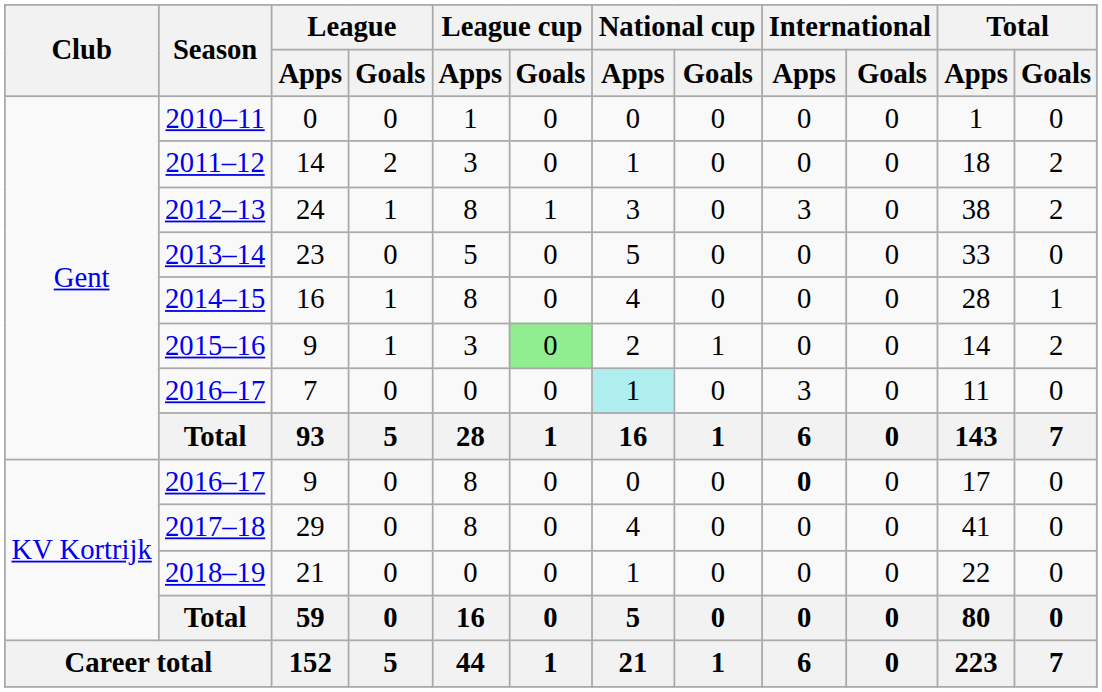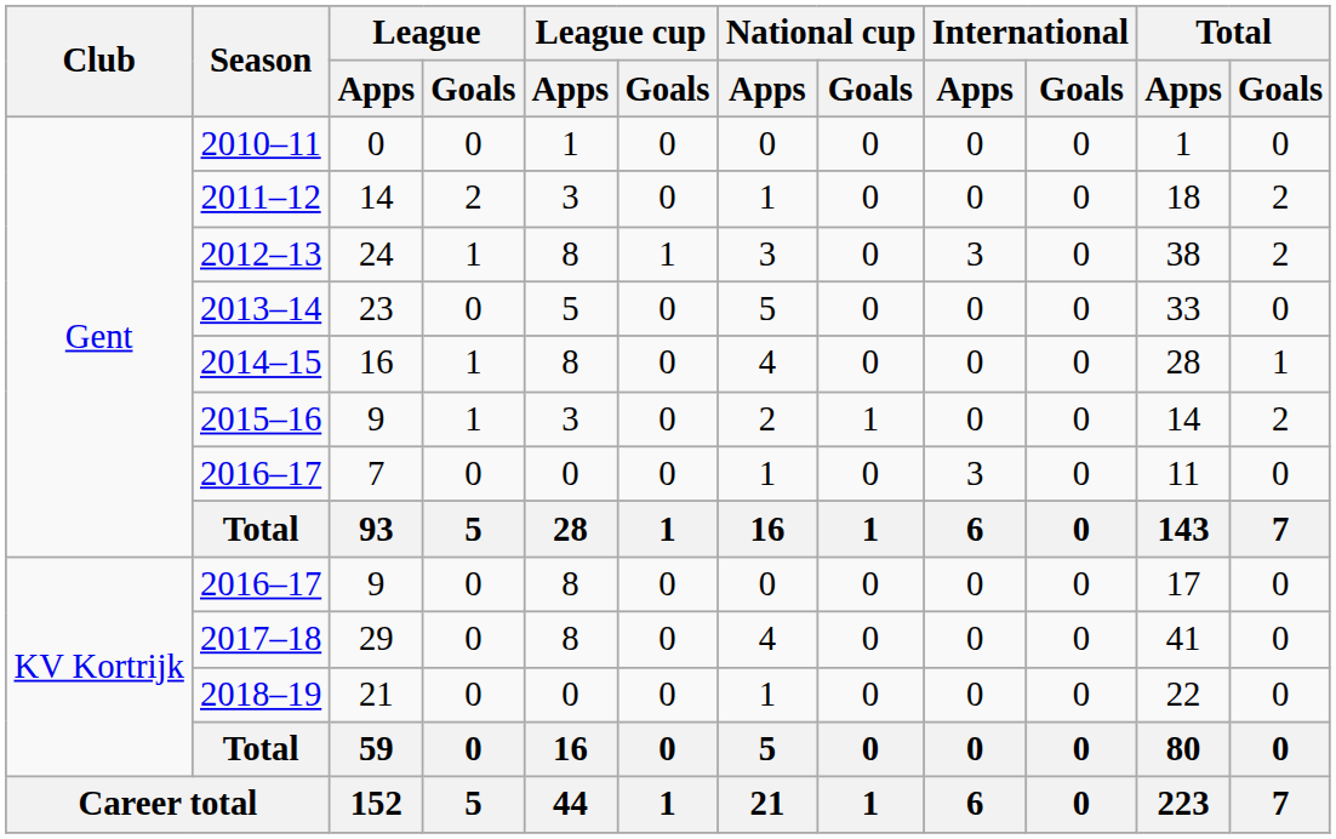 <table class="wikitable" style="text-align:center">
 <tr>
 <th rowspan="2">Club</th>
 <th rowspan="2">Season</th>
 <th colspan="2">League</th>
 <th colspan="2">League cup</th>
 <th colspan="2">National cup</th>
 <th colspan="2">International</th>
 <th colspan="2">Total</th>
 </tr>
 <tr>
 <th>Apps</th>
 <th>Goals</th>
 <th>Apps</th>
 <th>Goals</th>
 <th>Apps</th>
 <th>Goals</th>
 <th>Apps</th>
 <th>Goals</th>
 <th>Apps</th>
 <th>Goals</th>
 </tr>
 <tr>
 <td rowspan="8"><a href='#'>Gent</a></td>
 <td><a href='#'>2010–11</a></td>
 <td>0</td>
 <td>0</td>
 <td>1</td>
 <td>0</td>
 <td>0</td>
 <td>0</td>
 <td>0</td>
 <td>0</td>
 <td>1</td>
 <td>0</td>
 </tr>
 <tr>
 <td><a href='#'>2011–12</a></td>
 <td>14</td>
 <td>2</td>
 <td>3</td>
 <td>0</td>
 <td>1</td>
 <td>0</td>
 <td>0</td>
 <td>0</td>
 <td>18</td>
 <td>2</td>
 </tr>
 <tr>
 <td><a href='#'>2012–13</a></td>
 <td>24</td>
 <td>1</td>
 <td>8</td>
 <td>1</td>
 <td>3</td>
 <td>0</td>
 <td>3</td>
 <td>0</td>
 <td>38</td>
 <td>2</td>
 </tr>
 <tr>
 <td><a href='#'>2013–14</a></td>
 <td>23</td>
 <td>0</td>
 <td>5</td>
 <td>0</td>
 <td>5</td>
 <td>0</td>
 <td>0</td>
 <td>0</td>
 <td>33</td>
 <td>0</td>
 </tr>
 <tr>
 <td><a href='#'>2014–15</a></td>
 <td>16</td>
 <td>1</td>
 <td>8</td>
 <td>0</td>
 <td>4</td>
 <td>0</td>
 <td>0</td>
 <td>0</td>
 <td>28</td>
 <td>1</td>
 </tr>
 <tr>
 <td><a href='#'>2015–16</a></td>
 <td>9</td>
 <td>1</td>
 <td>3</td>
-<td style="background: lightgreen;">0</td>
+<td>0</td>
 <td>2</td>
 <td>1</td>
 <td>0</td>
 <td>0</td>
 <td>14</td>
 <td>2</td>
 </tr>
 <tr>
 <td><a href='#'>2016–17</a></td>
 <td>7</td>
 <td>0</td>
 <td>0</td>
 <td>0</td>
-<td style="background: paleturquoise;">1</td>
+<td>1</td>
 <td>0</td>
 <td>3</td>
 <td>0</td>
 <td>11</td>
 <td>0</td>
 </tr>
 <tr>
 <th>Total</th>
 <th>93</th>
 <th>5</th>
 <th>28</th>
 <th>1</th>
 <th>16</th>
 <th>1</th>
 <th>6</th>
 <th>0</th>
 <th>143</th>
 <th>7</th>
 </tr>
 <tr>
 <td rowspan="4"><a href='#'>KV Kortrijk</a></td>
 <td><a href='#'>2016–17</a></td>
 <td>9</td>
 <td>0</td>
 <td>8</td>
 <td>0</td>
 <td>0</td>
 <td>0</td>
-<td><strong>0</strong></td>
+<td>0</td>
 <td>0</td>
 <td>17</td>
 <td>0</td>
 </tr>
 <tr>
 <td><a href='#'>2017–18</a></td>
 <td>29</td>
 <td>0</td>
 <td>8</td>
 <td>0</td>
 <td>4</td>
 <td>0</td>
 <td>0</td>
 <td>0</td>
 <td>41</td>
 <td>0</td>
 </tr>
 <tr>
 <td><a href='#'>2018–19</a></td>
 <td>21</td>
 <td>0</td>
 <td>0</td>
 <td>0</td>
 <td>1</td>
 <td>0</td>
 <td>0</td>
 <td>0</td>
 <td>22</td>
 <td>0</td>
 </tr>
 <tr>
 <th>Total</th>
 <th>59</th>
 <th>0</th>
 <th>16</th>
 <th>0</th>
 <th>5</th>
 <th>0</th>
 <th>0</th>
 <th>0</th>
 <th>80</th>
 <th>0</th>
 </tr>
 <tr>
 <th colspan="2">Career total</th>
 <th>152</th>
 <th>5</th>
 <th>44</th>
 <th>1</th>
 <th>21</th>
 <th>1</th>
 <th>6</th>
 <th>0</th>
 <th>223</th>
 <th>7</th>
 </tr>
 </table>
